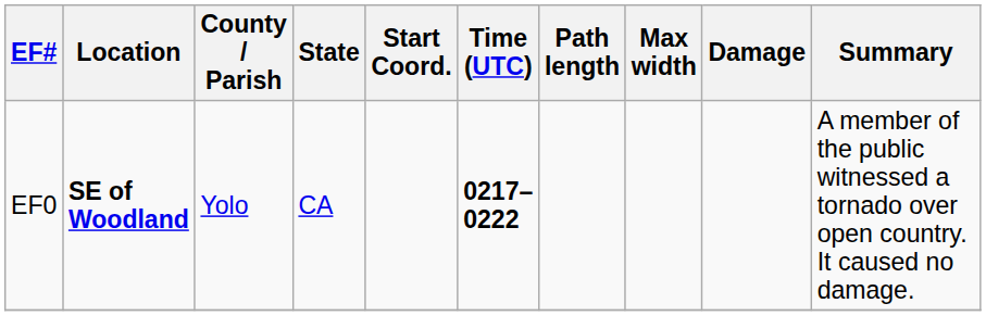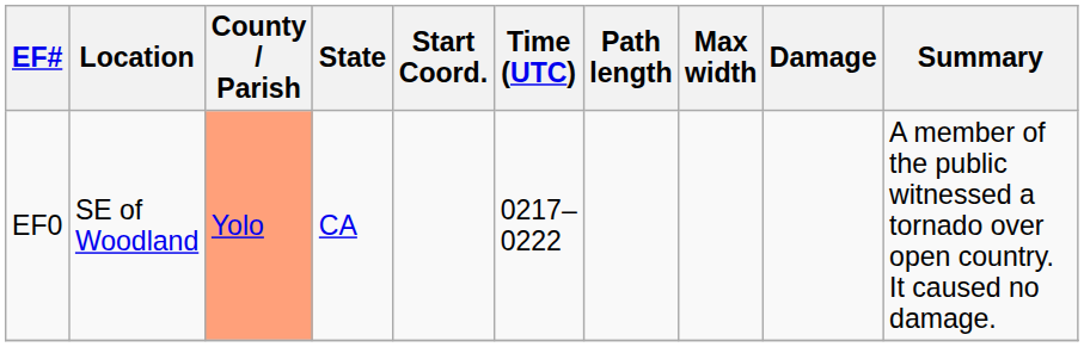 <table class="wikitable sortable" style="width:100%;">
 <tr>
 <th scope="col" width="3%" align="center"><a href='#'>EF#</a></th>
 <th scope="col" width="7%" align="center" class="unsortable">Location</th>
 <th scope="col" width="6%" align="center" class="unsortable">County / Parish</th>
 <th scope="col" width="5%" align="center">State</th>
 <th scope="col" width="6%" align="center">Start Coord.</th>
 <th scope="col" width="6%" align="center">Time (<a href='#'>UTC</a>)</th>
 <th scope="col" width="6%" align="center">Path length</th>
 <th scope="col" width="6%" align="center">Max width</th>
 <th scope="col" width="6%" align="center">Damage</th>
 <th scope="col" width="48%" class="unsortable" align="center">Summary</th>
 </tr>
 <tr>
 <td>EF0</td>
-<td><strong>SE of <a href='#'>Woodland</a></strong></td>
-<td><a href='#'>Yolo</a></td>
+<td>SE of <a href='#'>Woodland</a></td>
+<td style="background: lightsalmon;"><a href='#'>Yolo</a></td>
 <td><a href='#'>CA</a></td>
 <td></td>
-<td><strong>0217–0222</strong></td>
+<td>0217–0222</td>
 <td></td>
 <td></td>
 <td></td>
 <td>A member of the public witnessed a tornado over open country. It caused no damage.</td>
 </tr>
 <tr>
 </tr>
 </table>
